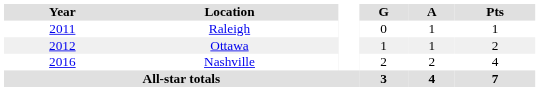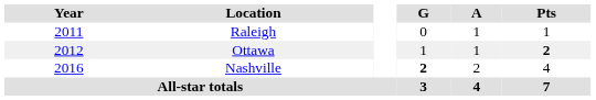 <table border="0" cellpadding="1" cellspacing="0" style="text-align: center; width: 40em;">
 <tr bgcolor="#e0e0e0">
 <th>Year</th>
 <th>Location</th>
 <th rowspan="99" bgcolor="#ffffff"> </th>
 <th>G</th>
 <th>A</th>
 <th>Pts</th>
 </tr>
 <tr>
 <td><a href='#'>2011</a></td>
 <td><a href='#'>Raleigh</a></td>
 <td>0</td>
 <td>1</td>
 <td>1</td>
 </tr>
 <tr bgcolor="#f0f0f0">
 <td><a href='#'>2012</a></td>
 <td><a href='#'>Ottawa</a></td>
 <td>1</td>
 <td>1</td>
-<td>2</td>
+<td><strong>2</strong></td>
 </tr>
 <tr>
 <td><a href='#'>2016</a></td>
 <td><a href='#'>Nashville</a></td>
-<td>2</td>
+<td><strong>2</strong></td>
 <td>2</td>
 <td>4</td>
 </tr>
 <tr bgcolor="#e0e0e0">
 <th colspan="3">All-star totals</th>
 <th>3</th>
 <th>4</th>
 <th>7</th>
 </tr>
 </table>
